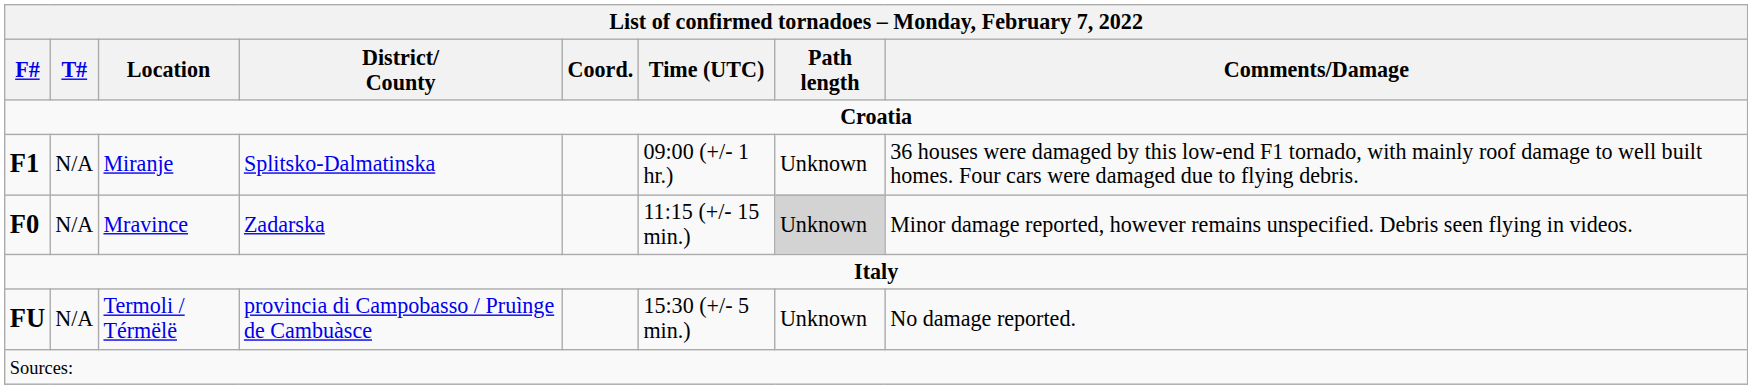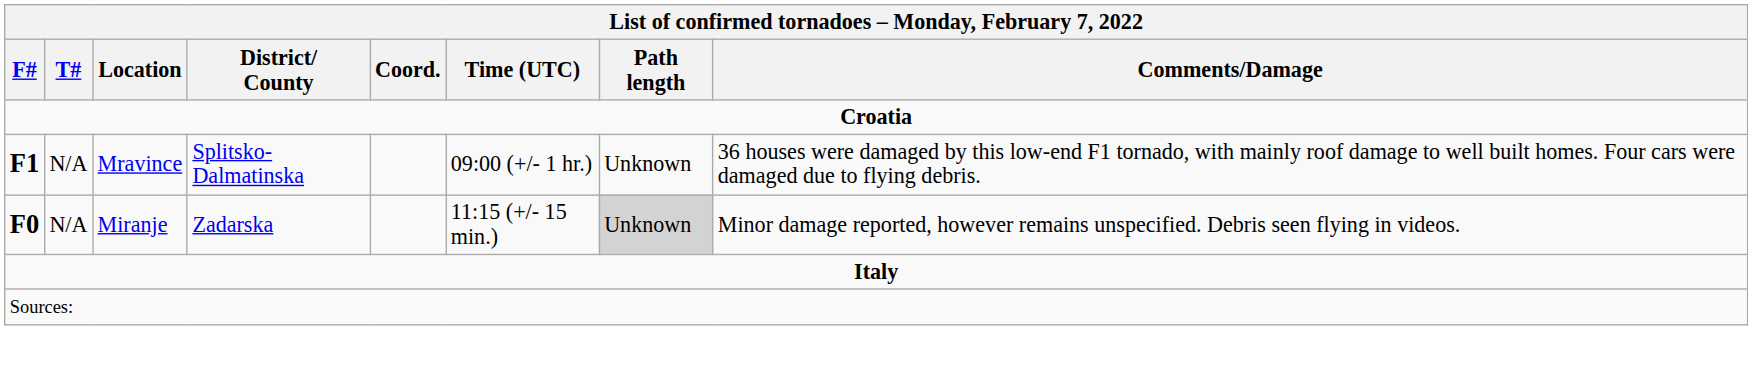 <table class="wikitable collapsible" width="100%">
 <tr>
 <th colspan="8">List of confirmed tornadoes – Monday, February 7, 2022</th>
 </tr>
 <tr>
 <th><a href='#'>F#</a></th>
 <th><a href='#'>T#</a></th>
 <th>Location</th>
 <th>District/<br>County</th>
 <th>Coord.</th>
 <th>Time (UTC)</th>
 <th>Path length</th>
 <th>Comments/Damage</th>
 </tr>
 <tr>
 <td colspan="8" align=center><strong>Croatia</strong></td>
 </tr>
 <tr>
 <td><big><strong>F1</strong></big></td>
 <td>N/A</td>
-<td><a href='#'>Miranje</a></td>
+<td><a href='#'>Mravince</a></td>
 <td><a href='#'>Splitsko-Dalmatinska</a></td>
 <td></td>
 <td>09:00 (+/- 1 hr.)</td>
 <td>Unknown</td>
 <td>36 houses were damaged by this low-end F1 tornado, with mainly roof damage to well built homes. Four cars were damaged due to flying debris.</td>
 </tr>
 <tr>
 <td><big><strong>F0</strong></big></td>
 <td>N/A</td>
-<td><a href='#'>Mravince</a></td>
+<td><a href='#'>Miranje</a></td>
 <td><a href='#'>Zadarska</a></td>
 <td></td>
 <td>11:15 (+/- 15 min.)</td>
 <td style="background: lightgrey;">Unknown</td>
 <td>Minor damage reported, however remains unspecified. Debris seen flying in videos.</td>
 </tr>
 <tr>
 <td colspan="8" align=center><strong>Italy</strong></td>
 </tr>
 <tr>
-<td><big><strong>FU</strong></big></td>
-<td>N/A</td>
-<td><a href='#'>Termoli / Térmëlë</a></td>
-<td><a href='#'>provincia di Campobasso / Pruìnge de Cambuàsce</a></td>
-<td></td>
-<td>15:30 (+/- 5 min.)</td>
-<td>Unknown</td>
-<td>No damage reported.</td>
-</tr>
-<tr>
 <td colspan="8"><small>Sources:  </small></td>
 </tr>
 </table>
